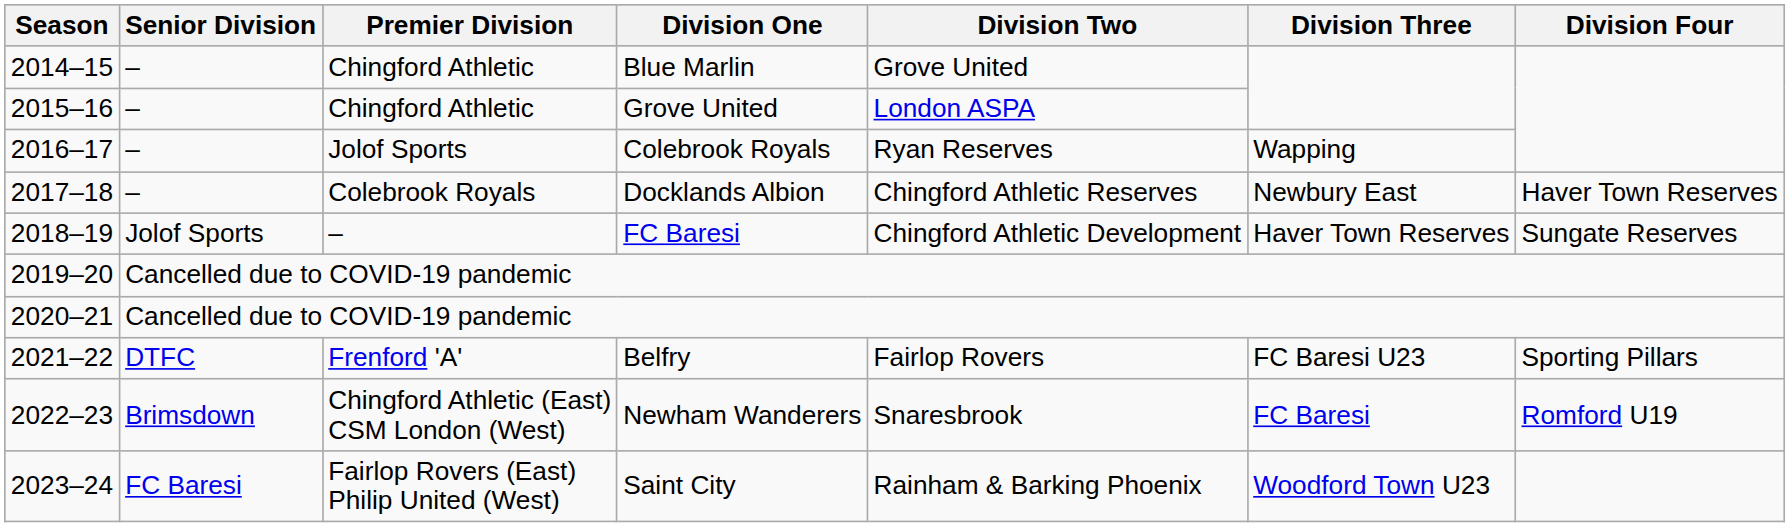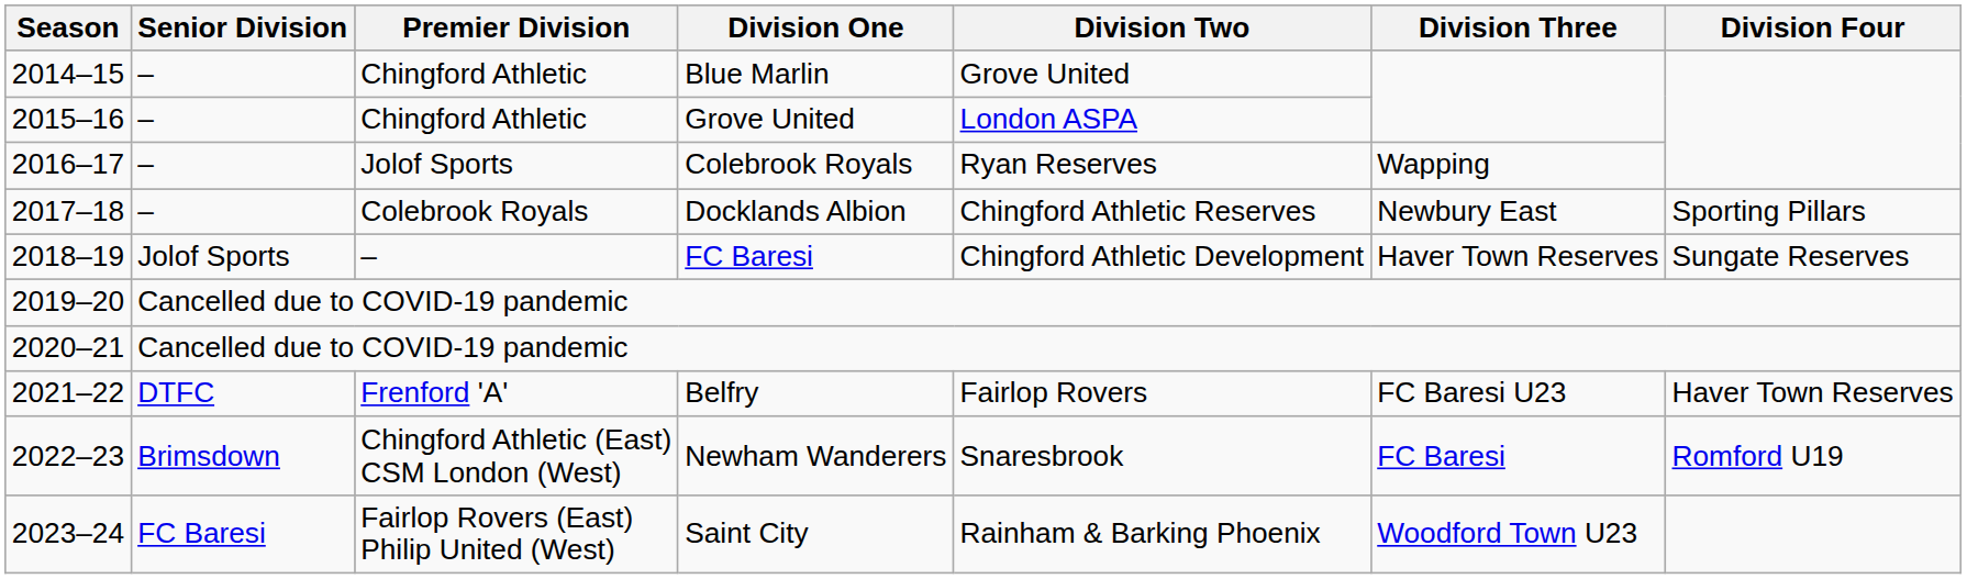 <table class="wikitable">
 <tr style="background:#efefef;">
 <th>Season</th>
 <th>Senior Division</th>
 <th>Premier Division</th>
 <th>Division One</th>
 <th>Division Two</th>
 <th>Division Three</th>
 <th>Division Four</th>
 </tr>
 <tr>
 <td>2014–15</td>
 <td>–</td>
 <td>Chingford Athletic</td>
 <td>Blue Marlin</td>
 <td>Grove United</td>
 <td rowspan=2></td>
 <td rowspan=3></td>
 </tr>
 <tr>
 <td>2015–16</td>
 <td>–</td>
 <td>Chingford Athletic</td>
 <td>Grove United</td>
 <td><a href='#'>London ASPA</a></td>
 </tr>
 <tr>
 <td>2016–17</td>
 <td>–</td>
 <td>Jolof Sports</td>
 <td>Colebrook Royals</td>
 <td>Ryan Reserves</td>
 <td>Wapping</td>
 </tr>
 <tr>
 <td>2017–18</td>
 <td>–</td>
 <td>Colebrook Royals</td>
 <td>Docklands Albion</td>
 <td>Chingford Athletic Reserves</td>
 <td>Newbury East</td>
-<td>Haver Town Reserves</td>
+<td>Sporting Pillars</td>
 </tr>
 <tr>
 <td>2018–19</td>
 <td>Jolof Sports</td>
 <td>–</td>
 <td><a href='#'>FC Baresi</a></td>
 <td>Chingford Athletic Development</td>
 <td>Haver Town Reserves</td>
 <td>Sungate Reserves</td>
 </tr>
 <tr>
 <td>2019–20</td>
 <td colspan=6>Cancelled due to COVID-19 pandemic</td>
 </tr>
 <tr>
 <td>2020–21</td>
 <td colspan=6>Cancelled due to COVID-19 pandemic</td>
 </tr>
 <tr>
 <td>2021–22</td>
 <td><a href='#'>DTFC</a></td>
 <td><a href='#'>Frenford</a> 'A'</td>
 <td>Belfry</td>
 <td>Fairlop Rovers</td>
 <td>FC Baresi U23</td>
-<td>Sporting Pillars</td>
+<td>Haver Town Reserves</td>
 </tr>
 <tr>
 <td>2022–23</td>
 <td><a href='#'> Brimsdown</a></td>
 <td>Chingford Athletic (East)<br>CSM London (West)</td>
 <td>Newham Wanderers</td>
 <td>Snaresbrook</td>
 <td><a href='#'>FC Baresi</a></td>
 <td><a href='#'>Romford</a> U19</td>
 </tr>
 <tr>
 <td>2023–24</td>
 <td><a href='#'>FC Baresi</a></td>
 <td>Fairlop Rovers (East)<br>Philip United (West)</td>
 <td>Saint City</td>
 <td>Rainham & Barking Phoenix</td>
 <td><a href='#'>Woodford Town</a> U23</td>
 </tr>
 </table>
